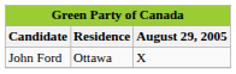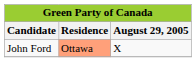 <table class="wikitable">
 <tr>
 <td align="center" bgcolor="yellowgreen" colspan=3><strong>Green Party of Canada</strong></td>
 </tr>
 <tr>
 <th align="left">Candidate</th>
 <th align="center">Residence</th>
 <th align="left">August 29, 2005</th>
 </tr>
 <tr>
 <td>John Ford</td>
-<td>Ottawa</td>
+<td style="background: lightsalmon;">Ottawa</td>
 <td>X</td>
 </tr>
 <tr>
 </tr>
 </table>
